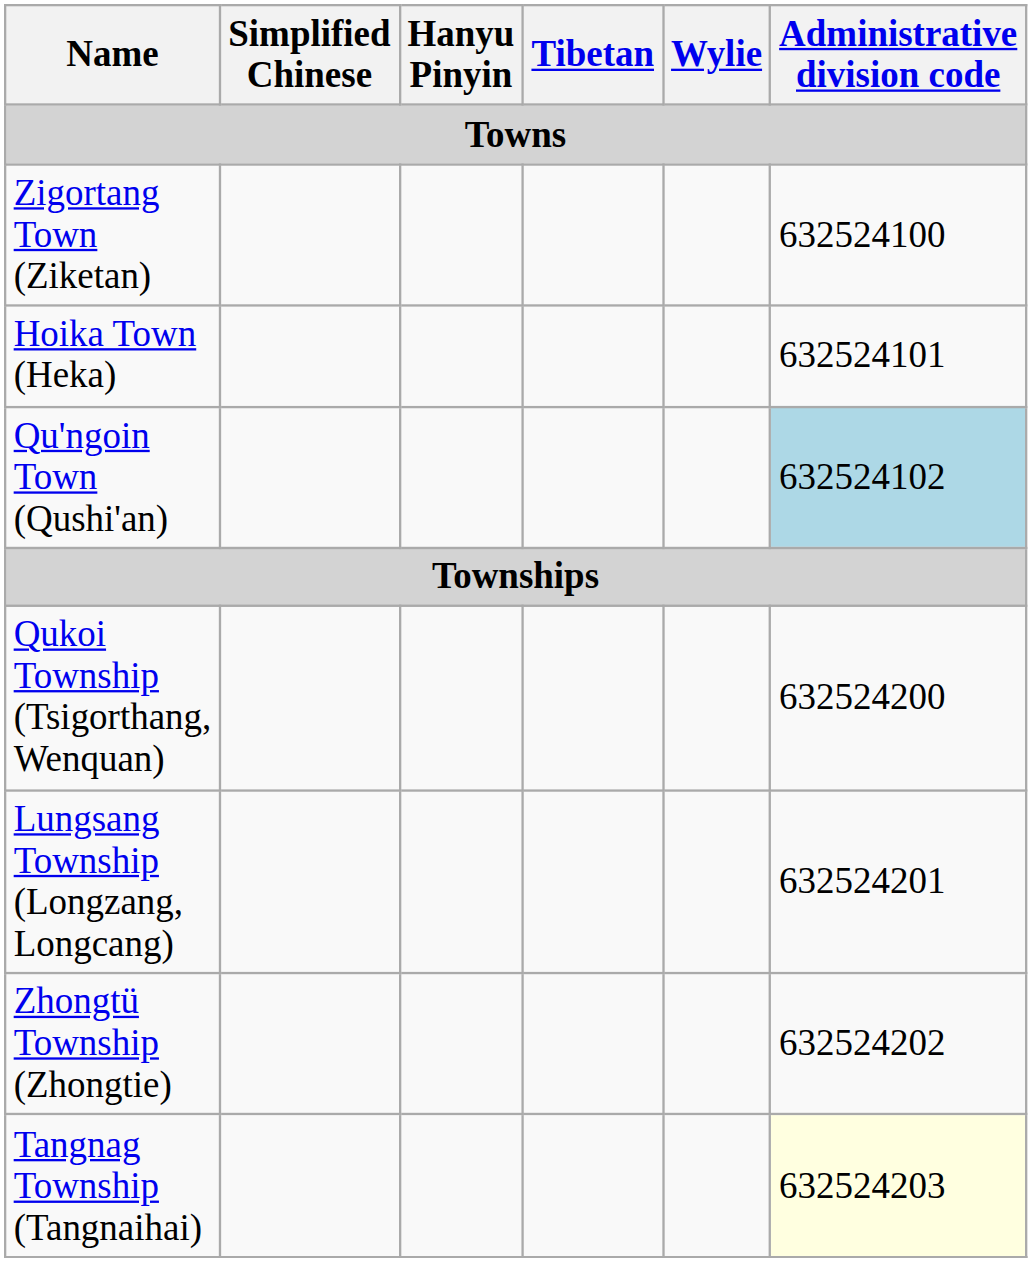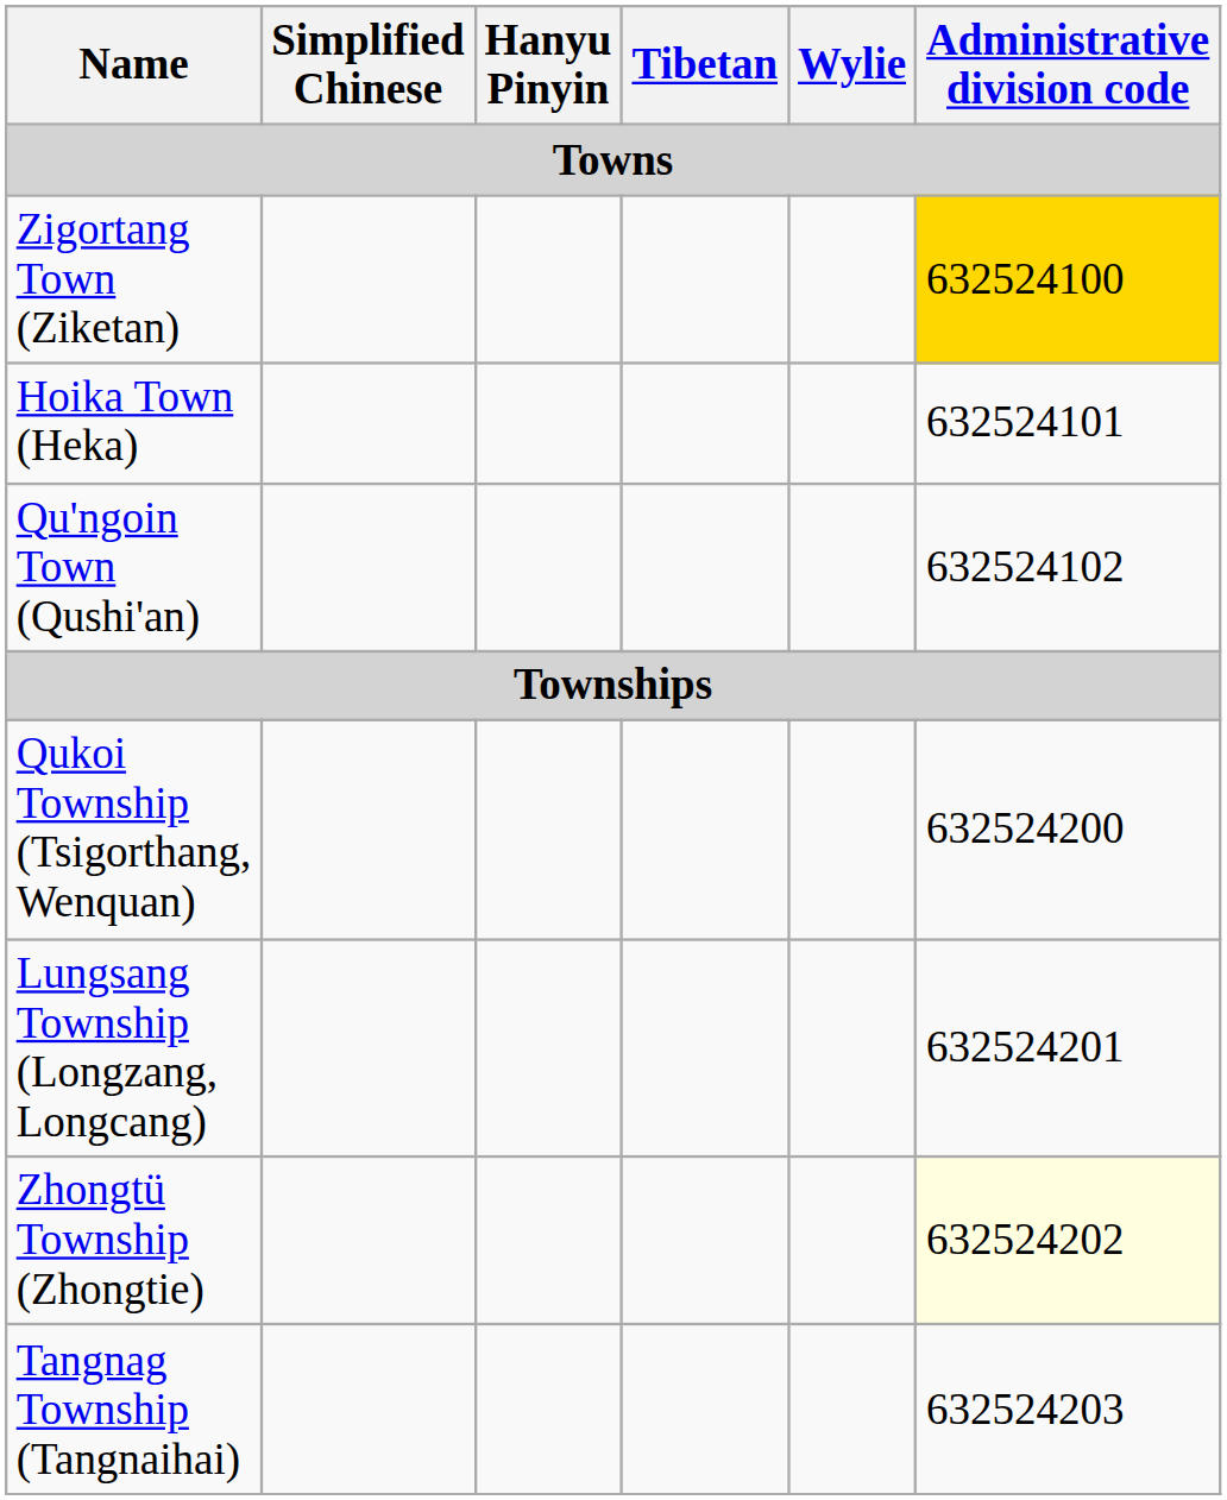 <table class="wikitable" align="center" style="width:50%; border="1">
 <tr>
 <th>Name</th>
 <th>Simplified Chinese</th>
 <th>Hanyu Pinyin</th>
 <th><a href='#'>Tibetan</a></th>
 <th><a href='#'>Wylie</a></th>
 <th><a href='#'>Administrative division code</a></th>
 </tr>
 <tr>
 <td colspan="7"  style="text-align:center; background:#d3d3d3;"><strong>Towns</strong></td>
 </tr>
 <tr --------->
 <td><a href='#'>Zigortang Town</a><br>(Ziketan)</td>
 <td></td>
 <td></td>
 <td></td>
 <td></td>
-<td>632524100</td>
+<td style="background: gold;">632524100</td>
 </tr>
 <tr>
 <td><a href='#'>Hoika Town</a><br>(Heka)</td>
 <td></td>
 <td></td>
 <td></td>
 <td></td>
 <td>632524101</td>
 </tr>
 <tr>
 <td><a href='#'>Qu'ngoin Town</a><br>(Qushi'an)</td>
 <td></td>
 <td></td>
 <td></td>
 <td></td>
-<td style="background: lightblue;">632524102</td>
+<td>632524102</td>
 </tr>
 <tr>
 <td colspan="7"  style="text-align:center; background:#d3d3d3;"><strong>Townships</strong></td>
 </tr>
 <tr --------->
 <td><a href='#'>Qukoi Township</a><br>(Tsigorthang, Wenquan)</td>
 <td></td>
 <td></td>
 <td></td>
 <td></td>
 <td>632524200</td>
 </tr>
 <tr>
 <td><a href='#'>Lungsang Township</a><br>(Longzang, Longcang)</td>
 <td></td>
 <td></td>
 <td></td>
 <td></td>
 <td>632524201</td>
 </tr>
 <tr>
 <td><a href='#'>Zhongtü Township</a><br>(Zhongtie)</td>
 <td></td>
 <td></td>
 <td></td>
 <td></td>
-<td>632524202</td>
+<td style="background: lightyellow;">632524202</td>
 </tr>
 <tr>
 <td><a href='#'>Tangnag Township</a><br>(Tangnaihai)</td>
 <td></td>
 <td></td>
 <td></td>
 <td></td>
-<td style="background: lightyellow;">632524203</td>
+<td>632524203</td>
 </tr>
 <tr>
 </tr>
 </table>
